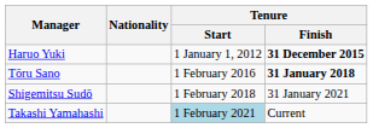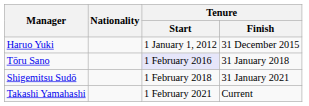 <table class="wikitable">
 <tr>
 <th rowspan="2">Manager</th>
 <th rowspan="2">Nationality</th>
 <th colspan="2">Tenure<br></th>
 </tr>
 <tr>
 <th>Start</th>
 <th>Finish </th>
 </tr>
 <tr>
 <td><a href='#'>Haruo Yuki</a></td>
 <td></td>
 <td>1 January 1, 2012</td>
-<td><strong>31 December 2015<br></strong></td>
+<td>31 December 2015<br></td>
 </tr>
 <tr>
 <td><a href='#'>Tōru Sano</a></td>
 <td></td>
-<td>1 February 2016</td>
-<td><strong>31 January 2018<br></strong></td>
+<td style="background: lavender;">1 February 2016</td>
+<td>31 January 2018<br></td>
 </tr>
 <tr>
 <td><a href='#'>Shigemitsu Sudō</a></td>
 <td></td>
 <td>1 February 2018</td>
 <td>31 January 2021<br></td>
 </tr>
 <tr>
 <td><a href='#'>Takashi Yamahashi</a></td>
 <td></td>
-<td style="background: lightblue;">1 February 2021</td>
+<td>1 February 2021</td>
 <td>Current<br></td>
 </tr>
 </table>
